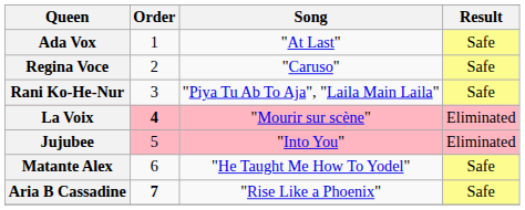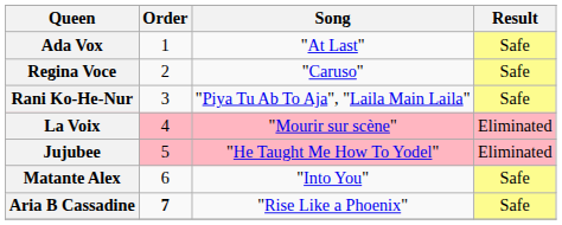 <table class="wikitable plainrowheaders" style="text-align:center;">
 <tr>
 </tr>
 <tr>
 <th scope="col">Queen</th>
 <th scope="col">Order</th>
 <th scope="col">Song</th>
 <th scope="col">Result</th>
 </tr>
 <tr>
 <th>Ada Vox</th>
 <td>1</td>
 <td>"<a href='#'>At Last</a>"</td>
 <td style="background:#FDFC8F;">Safe</td>
 </tr>
 <tr>
 <th>Regina Voce</th>
 <td>2</td>
 <td>"<a href='#'>Caruso</a>"</td>
 <td style="background:#FDFC8F;">Safe</td>
 </tr>
 <tr>
 <th>Rani Ko-He-Nur</th>
 <td>3</td>
 <td>"<a href='#'>Piya Tu Ab To Aja</a>", "<a href='#'>Laila Main Laila</a>"</td>
 <td style="background:#FDFC8F;">Safe</td>
 </tr>
 <tr style="background:lightpink;">
 <th>La Voix</th>
-<td><strong>4</strong></td>
+<td>4</td>
 <td>"<a href='#'>Mourir sur scène</a>"</td>
 <td>Eliminated</td>
 </tr>
 <tr style="background:lightpink;">
 <th>Jujubee</th>
 <td>5</td>
-<td>"<a href='#'>Into You</a>"</td>
+<td>"<a href='#'>He Taught Me How To Yodel</a>"</td>
 <td>Eliminated</td>
 </tr>
 <tr>
 <th>Matante Alex</th>
 <td>6</td>
-<td>"<a href='#'>He Taught Me How To Yodel</a>"</td>
+<td>"<a href='#'>Into You</a>"</td>
 <td style="background:#FDFC8F;">Safe</td>
 </tr>
 <tr>
 <th>Aria B Cassadine</th>
 <td><strong>7</strong></td>
 <td>"<a href='#'>Rise Like a Phoenix</a>"</td>
 <td style="background:#FDFC8F;">Safe</td>
 </tr>
 <tr>
 </tr>
 </table>
